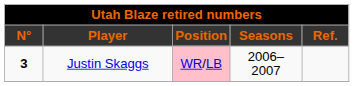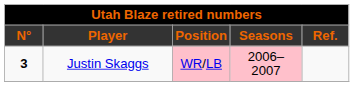 <table class="wikitable sortable" style="text-align:center">
 <tr>
 <td colspan="5" style= "background: #000; color: #e60"><strong>Utah Blaze retired numbers</strong></td>
 </tr>
 <tr>
 <th width=40px style="background: #333; color: #e60">N°</th>
 <th width=150px style="background: #333; color: #e60">Player</th>
 <th width=40px style="background: #333; color: #e60">Position</th>
 <th width=80px style="background: #333; color: #e60">Seasons</th>
 <th width=50px style="background: #333; color: #e60">Ref.</th>
 </tr>
 <tr>
 <td><strong>3</strong></td>
 <td><a href='#'>Justin Skaggs</a></td>
 <td style="background: pink;"><a href='#'>WR</a>/<a href='#'>LB</a></td>
-<td>2006–2007</td>
+<td style="background: pink;">2006–2007</td>
 <td></td>
 </tr>
 <tr>
 </tr>
 </table>
